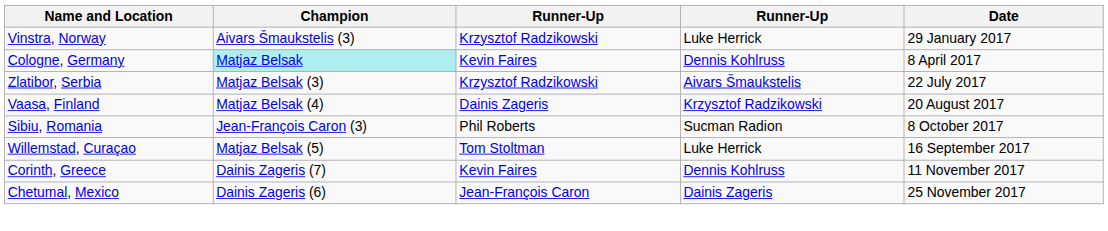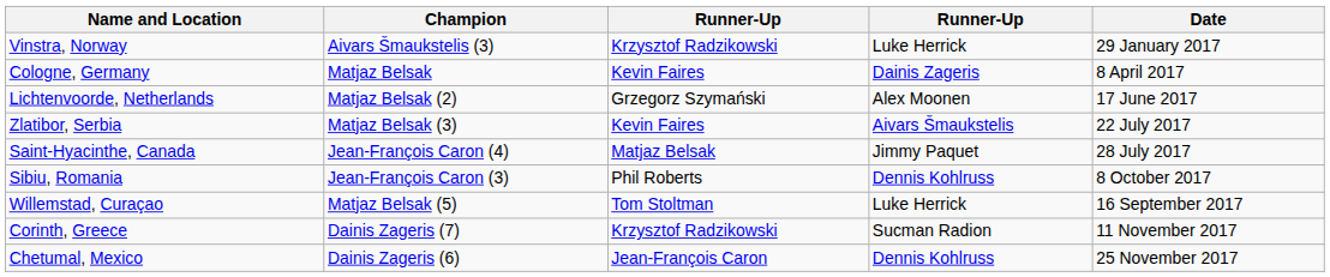 <table class="wikitable" style="display: inline-table;width: 100%;">
 <tr>
 <th scope="col">Name and Location</th>
 <th scope="col">Champion</th>
 <th scope="col">Runner-Up</th>
 <th scope="col">Runner-Up</th>
 <th scope="col">Date</th>
 </tr>
 <tr>
 <td> <a href='#'>Vinstra</a>, <a href='#'>Norway</a> <br></td>
 <td> <a href='#'>Aivars Šmaukstelis</a> (3)</td>
 <td> <a href='#'>Krzysztof Radzikowski</a></td>
 <td> Luke Herrick</td>
 <td>29 January 2017</td>
 </tr>
 <tr>
 <td> <a href='#'>Cologne</a>, <a href='#'>Germany</a><br> </td>
-<td style="background: paleturquoise;"> <a href='#'>Matjaz Belsak</a></td>
+<td> <a href='#'>Matjaz Belsak</a></td>
 <td> <a href='#'>Kevin Faires</a></td>
-<td> <a href='#'>Dennis Kohlruss</a></td>
+<td> <a href='#'>Dainis Zageris</a></td>
 <td>8 April 2017</td>
+</tr>
+<tr>
+<td> <a href='#'>Lichtenvoorde</a>, <a href='#'>Netherlands</a><br> </td>
+<td> <a href='#'>Matjaz Belsak</a> (2)</td>
+<td> Grzegorz Szymański</td>
+<td> Alex Moonen</td>
+<td>17 June 2017</td>
 </tr>
 <tr>
 <td> <a href='#'>Zlatibor</a>, <a href='#'>Serbia</a><br> </td>
 <td> <a href='#'>Matjaz Belsak</a> (3)</td>
-<td> <a href='#'>Krzysztof Radzikowski</a></td>
+<td> <a href='#'>Kevin Faires</a></td>
 <td> <a href='#'>Aivars Šmaukstelis</a></td>
 <td>22 July 2017</td>
 </tr>
 <tr>
-<td> <a href='#'>Vaasa</a>, <a href='#'>Finland</a><br> </td>
-<td> <a href='#'>Matjaz Belsak</a> (4)</td>
-<td> <a href='#'>Dainis Zageris</a></td>
-<td> <a href='#'>Krzysztof Radzikowski</a></td>
-<td>20 August 2017</td>
+<td> <a href='#'>Saint-Hyacinthe</a>, <a href='#'>Canada</a><br> </td>
+<td>  <a href='#'>Jean-François Caron</a> (4)</td>
+<td> <a href='#'>Matjaz Belsak</a></td>
+<td> Jimmy Paquet</td>
+<td>28 July 2017</td>
 </tr>
 <tr>
 <td> <a href='#'>Sibiu</a>, <a href='#'>Romania</a><br> </td>
 <td> <a href='#'>Jean-François Caron</a> (3)</td>
 <td> Phil Roberts</td>
-<td> Sucman Radion</td>
+<td> <a href='#'>Dennis Kohlruss</a></td>
 <td>8 October 2017</td>
 </tr>
 <tr>
 <td> <a href='#'>Willemstad</a>, <a href='#'>Curaçao</a><br> </td>
 <td> <a href='#'>Matjaz Belsak</a> (5)</td>
 <td> <a href='#'>Tom Stoltman</a></td>
 <td> Luke Herrick</td>
 <td>16 September 2017</td>
 </tr>
 <tr>
 <td> <a href='#'>Corinth</a>, <a href='#'>Greece</a><br> </td>
 <td> <a href='#'>Dainis Zageris</a> (7)</td>
-<td> <a href='#'>Kevin Faires</a></td>
-<td> <a href='#'>Dennis Kohlruss</a></td>
+<td> <a href='#'>Krzysztof Radzikowski</a></td>
+<td> Sucman Radion</td>
 <td>11 November 2017</td>
 </tr>
 <tr>
 <td> <a href='#'>Chetumal</a>, <a href='#'>Mexico</a><br> </td>
 <td> <a href='#'>Dainis Zageris</a> (6)</td>
 <td> <a href='#'>Jean-François Caron</a></td>
-<td> <a href='#'>Dainis Zageris</a></td>
+<td> <a href='#'>Dennis Kohlruss</a></td>
 <td>25 November 2017</td>
 </tr>
 </table>
